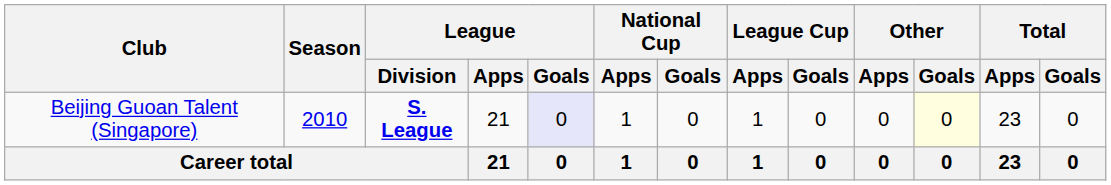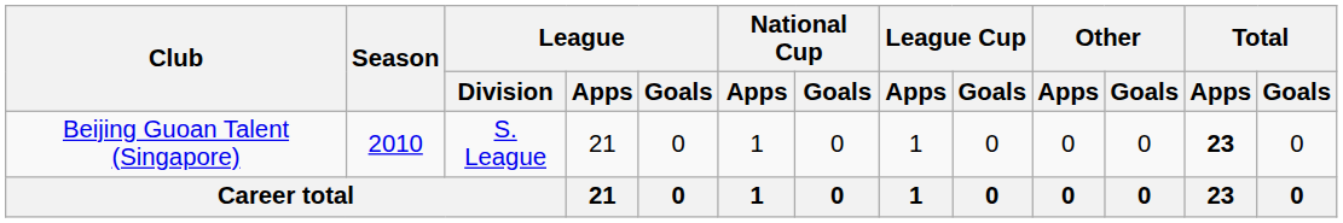 <table class="wikitable" style="text-align: center">
 <tr>
 <th rowspan="2">Club</th>
 <th rowspan="2">Season</th>
 <th colspan="3">League</th>
 <th colspan="2">National Cup</th>
 <th colspan="2">League Cup</th>
 <th colspan="2">Other</th>
 <th colspan="2">Total</th>
 </tr>
 <tr>
 <th>Division</th>
 <th>Apps</th>
 <th>Goals</th>
 <th>Apps</th>
 <th>Goals</th>
 <th>Apps</th>
 <th>Goals</th>
 <th>Apps</th>
 <th>Goals</th>
 <th>Apps</th>
 <th>Goals</th>
 </tr>
 <tr>
 <td><a href='#'>Beijing Guoan Talent (Singapore)</a></td>
 <td><a href='#'>2010</a></td>
-<td><strong><a href='#'>S. League</a></strong></td>
+<td><a href='#'>S. League</a></td>
 <td>21</td>
-<td style="background: lavender;">0</td>
+<td>0</td>
 <td>1</td>
 <td>0</td>
 <td>1</td>
 <td>0</td>
 <td>0</td>
-<td style="background: lightyellow;">0</td>
-<td>23</td>
+<td>0</td>
+<td><strong>23</strong></td>
 <td>0</td>
 </tr>
 <tr>
 <th colspan=3>Career total</th>
 <th>21</th>
 <th>0</th>
 <th>1</th>
 <th>0</th>
 <th>1</th>
 <th>0</th>
 <th>0</th>
 <th>0</th>
 <th>23</th>
 <th>0</th>
 </tr>
 </table>
